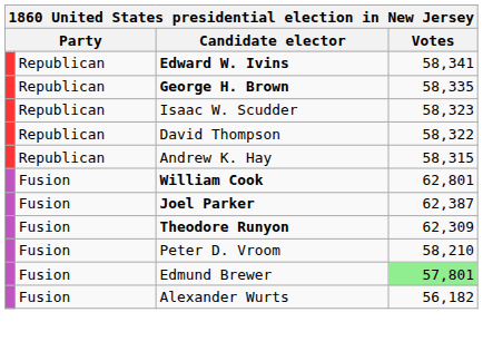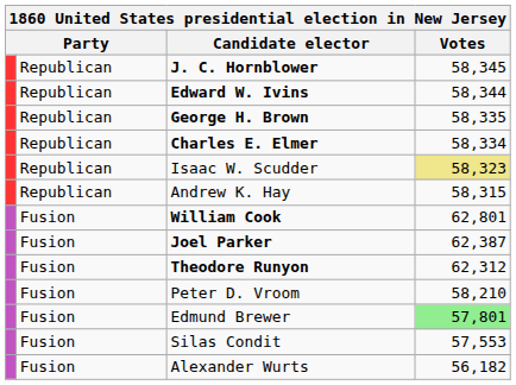 <table class="wikitable sortable">
 <tr style="background-color:#E9E9E9;">
 <th colspan="4">1860 United States presidential election in New Jersey</th>
 </tr>
 <tr scope="row" bgcolor="#EEEEEE" align="center">
 <th colspan=2>Party</th>
 <th>Candidate elector</th>
 <th>Votes</th>
 </tr>
 <tr>
 <td style="background-color:#FF3333"></td>
 <td>Republican</td>
+<td><strong>J. C. Hornblower</strong></td>
+<td align="right">58,345</td>
+</tr>
+<tr>
+<td style="background-color:#FF3333"></td>
+<td>Republican</td>
 <td><strong>Edward W. Ivins</strong></td>
-<td align="right">58,341</td>
+<td align="right">58,344</td>
 </tr>
 <tr>
 <td style="background-color:#FF3333"></td>
 <td>Republican</td>
 <td><strong>George H. Brown</strong></td>
 <td align="right">58,335</td>
 </tr>
 <tr>
 <td style="background-color:#FF3333"></td>
 <td>Republican</td>
-<td>Isaac W. Scudder</td>
-<td align="right">58,323</td>
+<td><strong>Charles E. Elmer</strong></td>
+<td align="right">58,334</td>
 </tr>
 <tr>
 <td style="background-color:#FF3333"></td>
 <td>Republican</td>
-<td>David Thompson</td>
-<td align="right">58,322</td>
+<td>Isaac W. Scudder</td>
+<td align="right" style="background: khaki;">58,323</td>
 </tr>
 <tr>
 <td style="background-color:#FF3333"></td>
 <td>Republican</td>
 <td>Andrew K. Hay</td>
 <td align="right">58,315</td>
 </tr>
 <tr>
 <td style="background-color:#C154C1"></td>
 <td>Fusion</td>
 <td><strong>William Cook</strong></td>
 <td align="right">62,801</td>
 </tr>
 <tr>
 <td style="background-color:#C154C1"></td>
 <td>Fusion</td>
 <td><strong>Joel Parker</strong></td>
 <td align="right">62,387</td>
 </tr>
 <tr>
 <td style="background-color:#C154C1"></td>
 <td>Fusion</td>
 <td><strong>Theodore Runyon</strong></td>
-<td align="right">62,309</td>
+<td align="right">62,312</td>
 </tr>
 <tr>
 <td style="background-color:#C154C1"></td>
 <td>Fusion</td>
 <td>Peter D. Vroom</td>
 <td align="right">58,210</td>
 </tr>
 <tr>
 <td style="background-color:#C154C1"></td>
 <td>Fusion</td>
 <td>Edmund Brewer</td>
 <td align="right" style="background: lightgreen;">57,801</td>
 </tr>
 <tr>
 <td style="background-color:#C154C1"></td>
 <td>Fusion</td>
+<td>Silas Condit</td>
+<td align="right">57,553</td>
+</tr>
+<tr>
+<td style="background-color:#C154C1"></td>
+<td>Fusion</td>
 <td>Alexander Wurts</td>
 <td align="right">56,182</td>
 </tr>
 </table>
